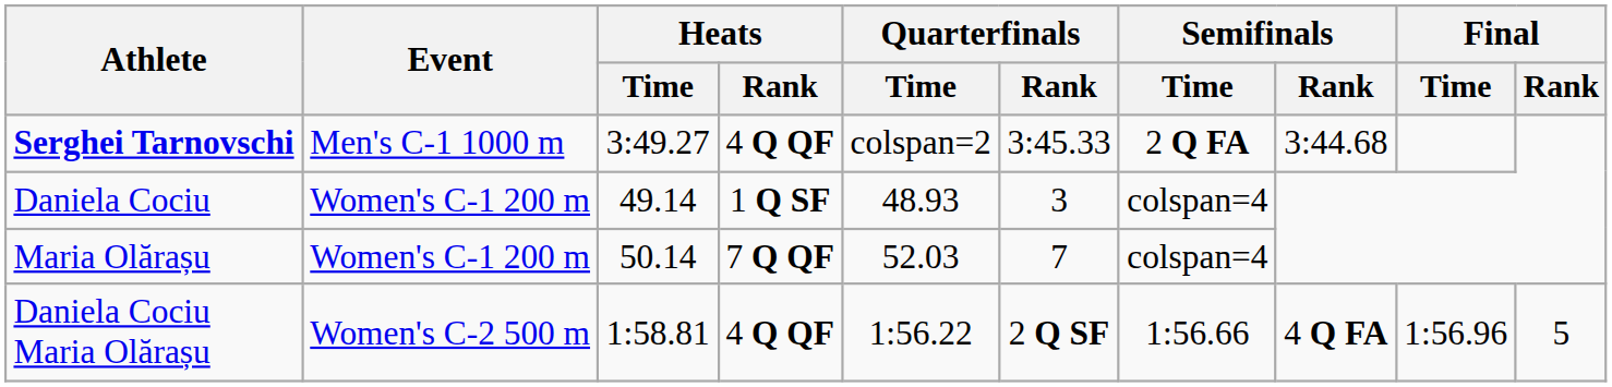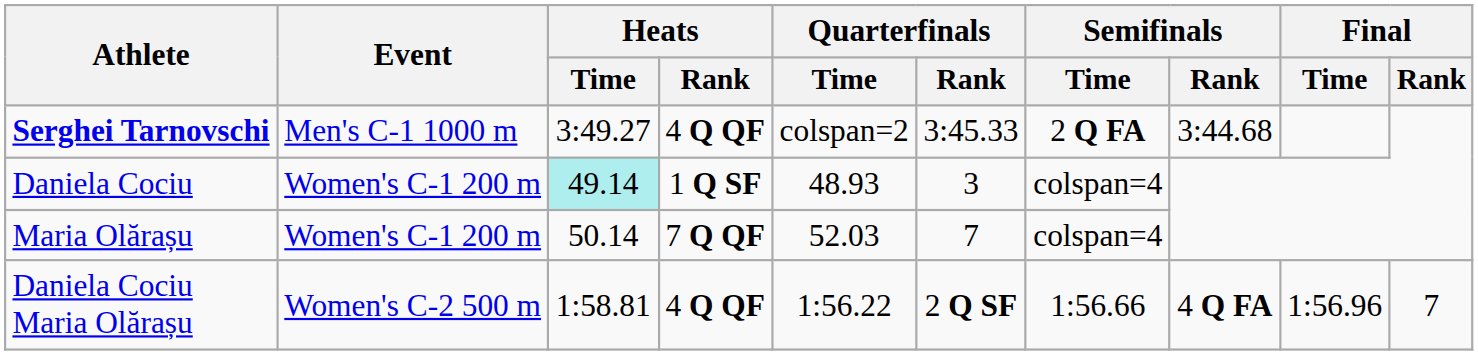 <table class=wikitable style="font-size:90%">
 <tr>
 <th rowspan="2">Athlete</th>
 <th rowspan="2">Event</th>
 <th colspan=2>Heats</th>
 <th colspan=2>Quarterfinals</th>
 <th colspan=2>Semifinals</th>
 <th colspan=2>Final</th>
 </tr>
 <tr style="font-size:95%">
 <th>Time</th>
 <th>Rank</th>
 <th>Time</th>
 <th>Rank</th>
 <th>Time</th>
 <th>Rank</th>
 <th>Time</th>
 <th>Rank</th>
 </tr>
 <tr align=center>
 <td align=left><strong><a href='#'>Serghei Tarnovschi</a></strong></td>
 <td align=left><a href='#'>Men's C-1 1000 m</a></td>
 <td>3:49.27</td>
 <td>4 <strong>Q</strong> <strong>QF</strong></td>
 <td>colspan=2 </td>
 <td>3:45.33</td>
 <td>2 <strong>Q FA</strong></td>
 <td>3:44.68</td>
 <td></td>
 </tr>
 <tr align=center>
 <td align=left><a href='#'>Daniela Cociu</a></td>
 <td align=left><a href='#'>Women's C-1 200 m</a></td>
-<td>49.14</td>
+<td style="background: paleturquoise;">49.14</td>
 <td>1 <strong>Q SF</strong></td>
 <td>48.93</td>
 <td>3</td>
 <td>colspan=4 </td>
 </tr>
 <tr align=center>
 <td align=left><a href='#'>Maria Olărașu</a></td>
 <td align=left><a href='#'>Women's C-1 200 m</a></td>
 <td>50.14</td>
 <td>7 <strong>Q</strong> <strong>QF</strong></td>
 <td>52.03</td>
 <td>7</td>
 <td>colspan=4 </td>
 </tr>
 <tr align=center>
 <td align=left><a href='#'>Daniela Cociu</a><br><a href='#'>Maria Olărașu</a></td>
 <td align=left><a href='#'>Women's C-2 500 m</a></td>
 <td>1:58.81</td>
 <td>4 <strong>Q</strong> <strong>QF</strong></td>
 <td>1:56.22</td>
 <td>2 <strong>Q</strong> <strong>SF</strong></td>
 <td>1:56.66</td>
 <td>4 <strong>Q</strong> <strong>FA</strong></td>
 <td>1:56.96</td>
-<td>5</td>
+<td>7</td>
 </tr>
 </table>
